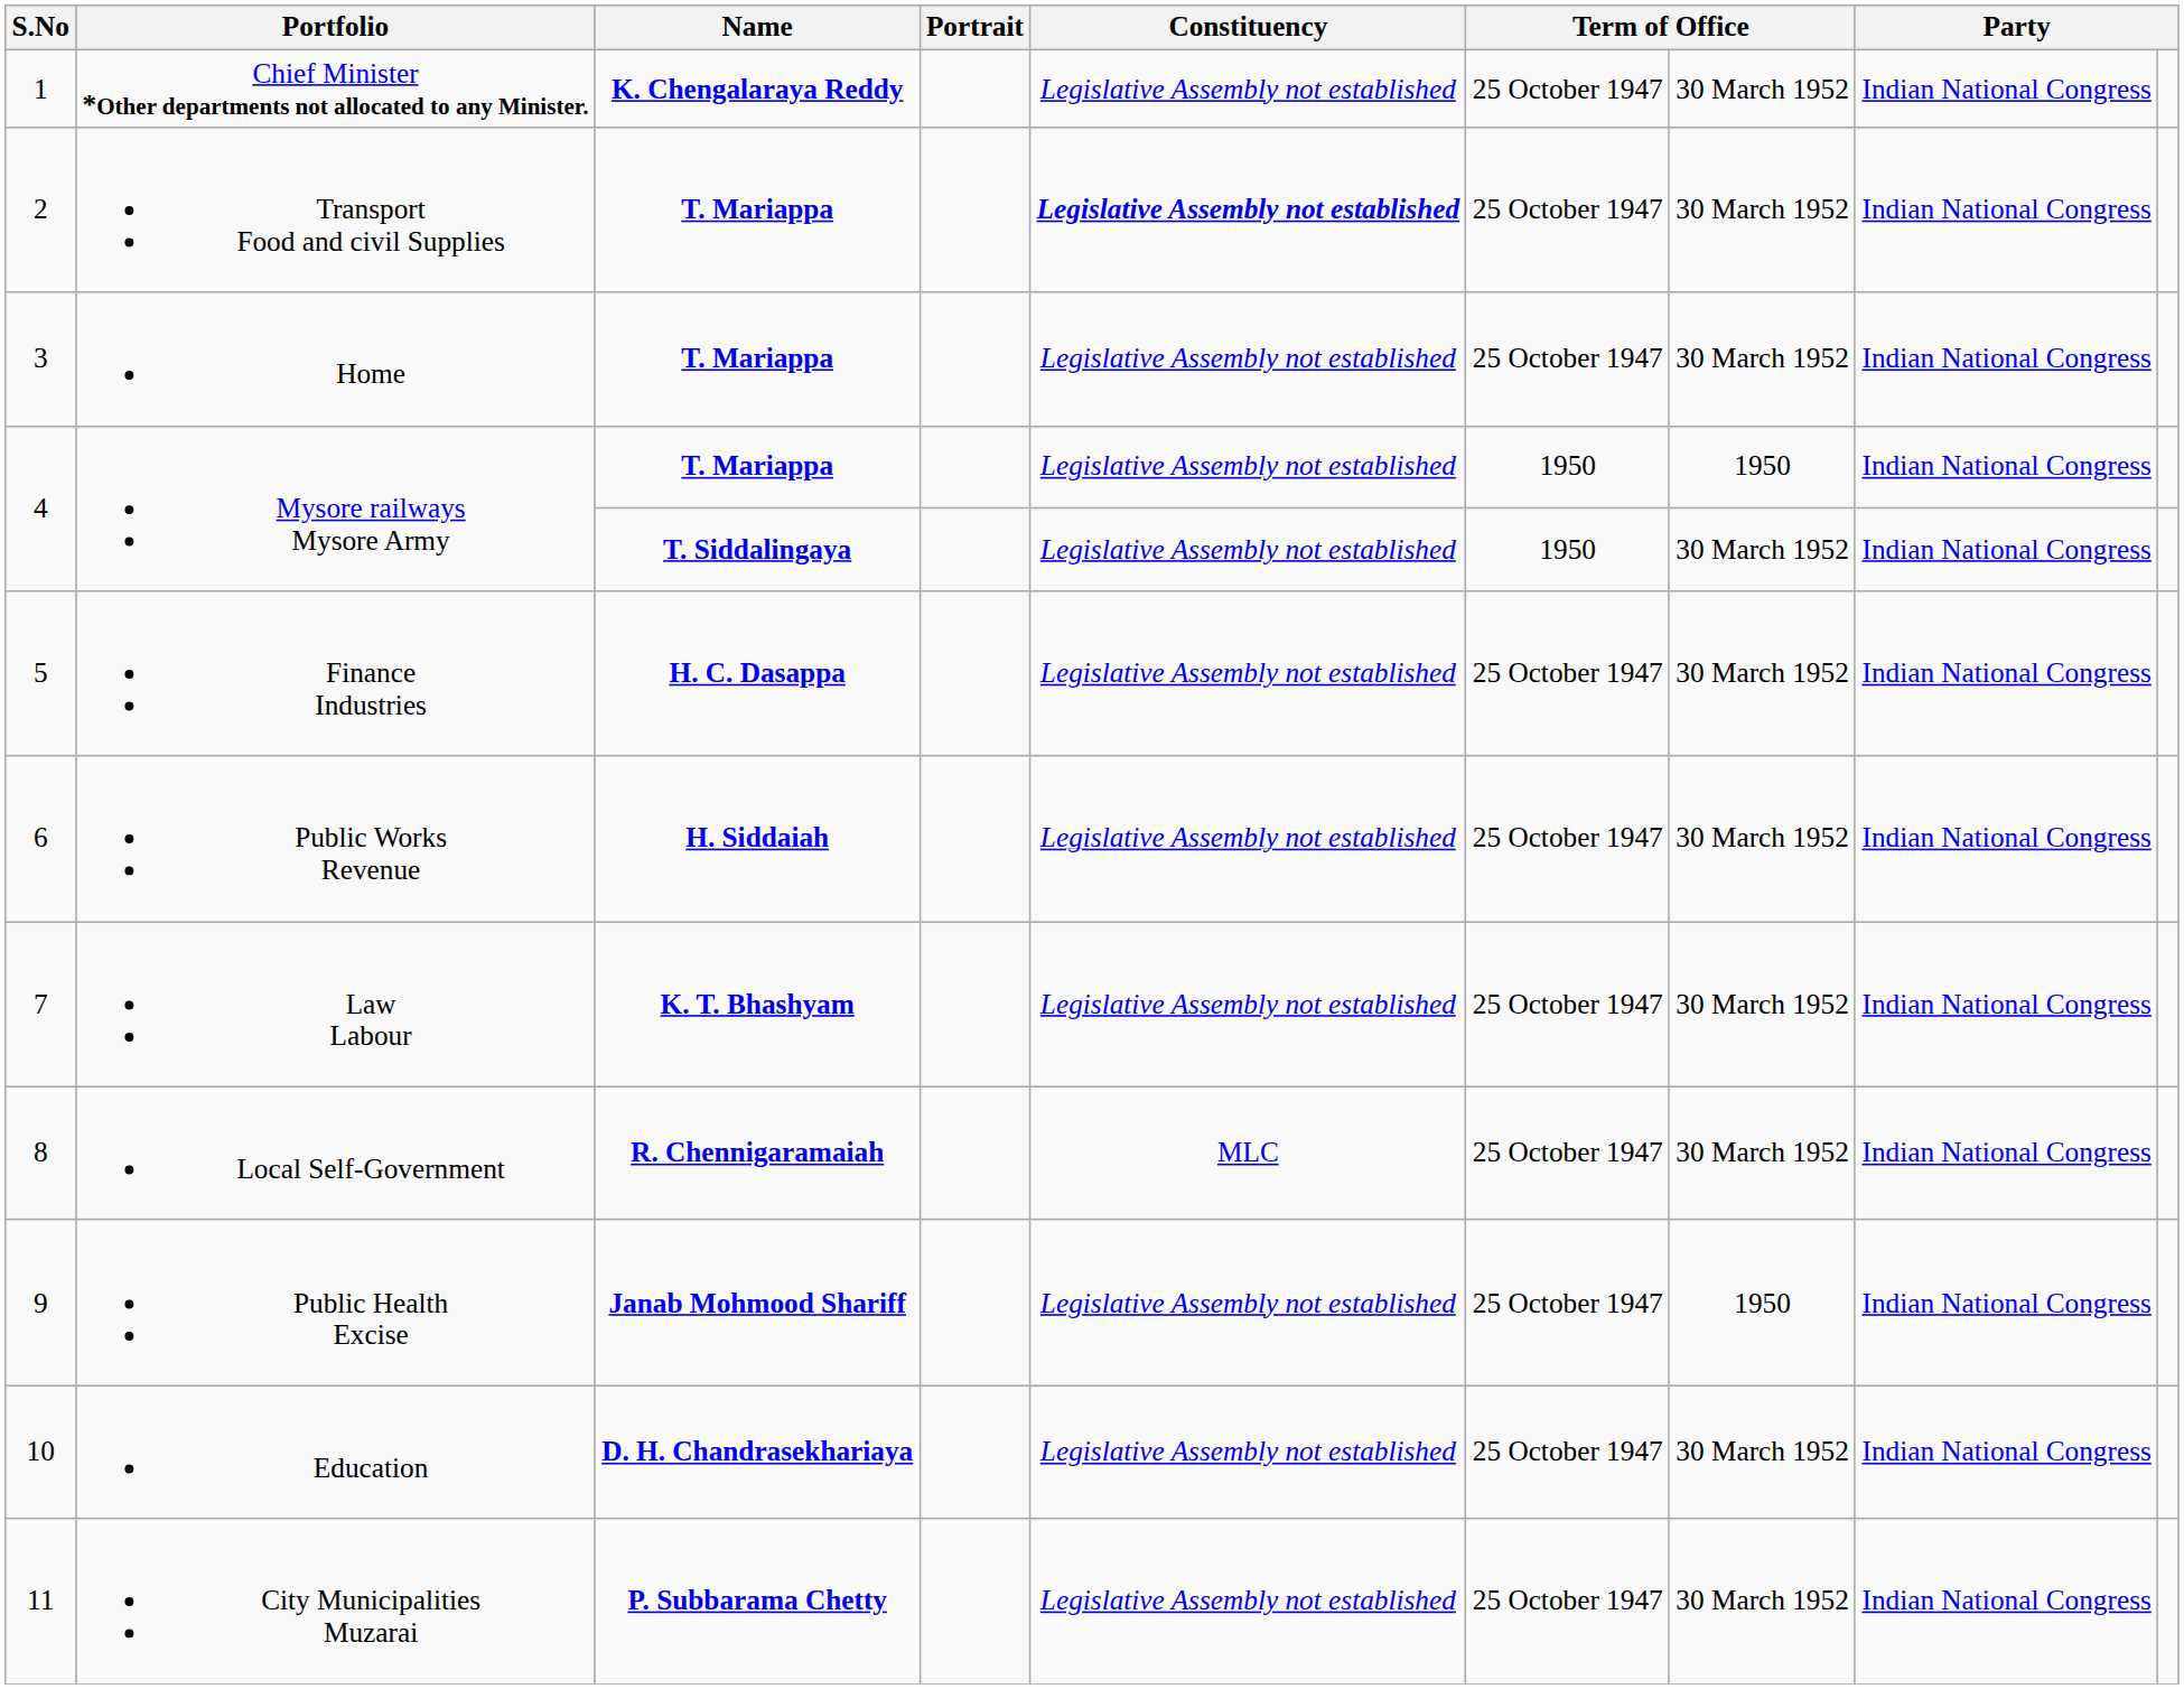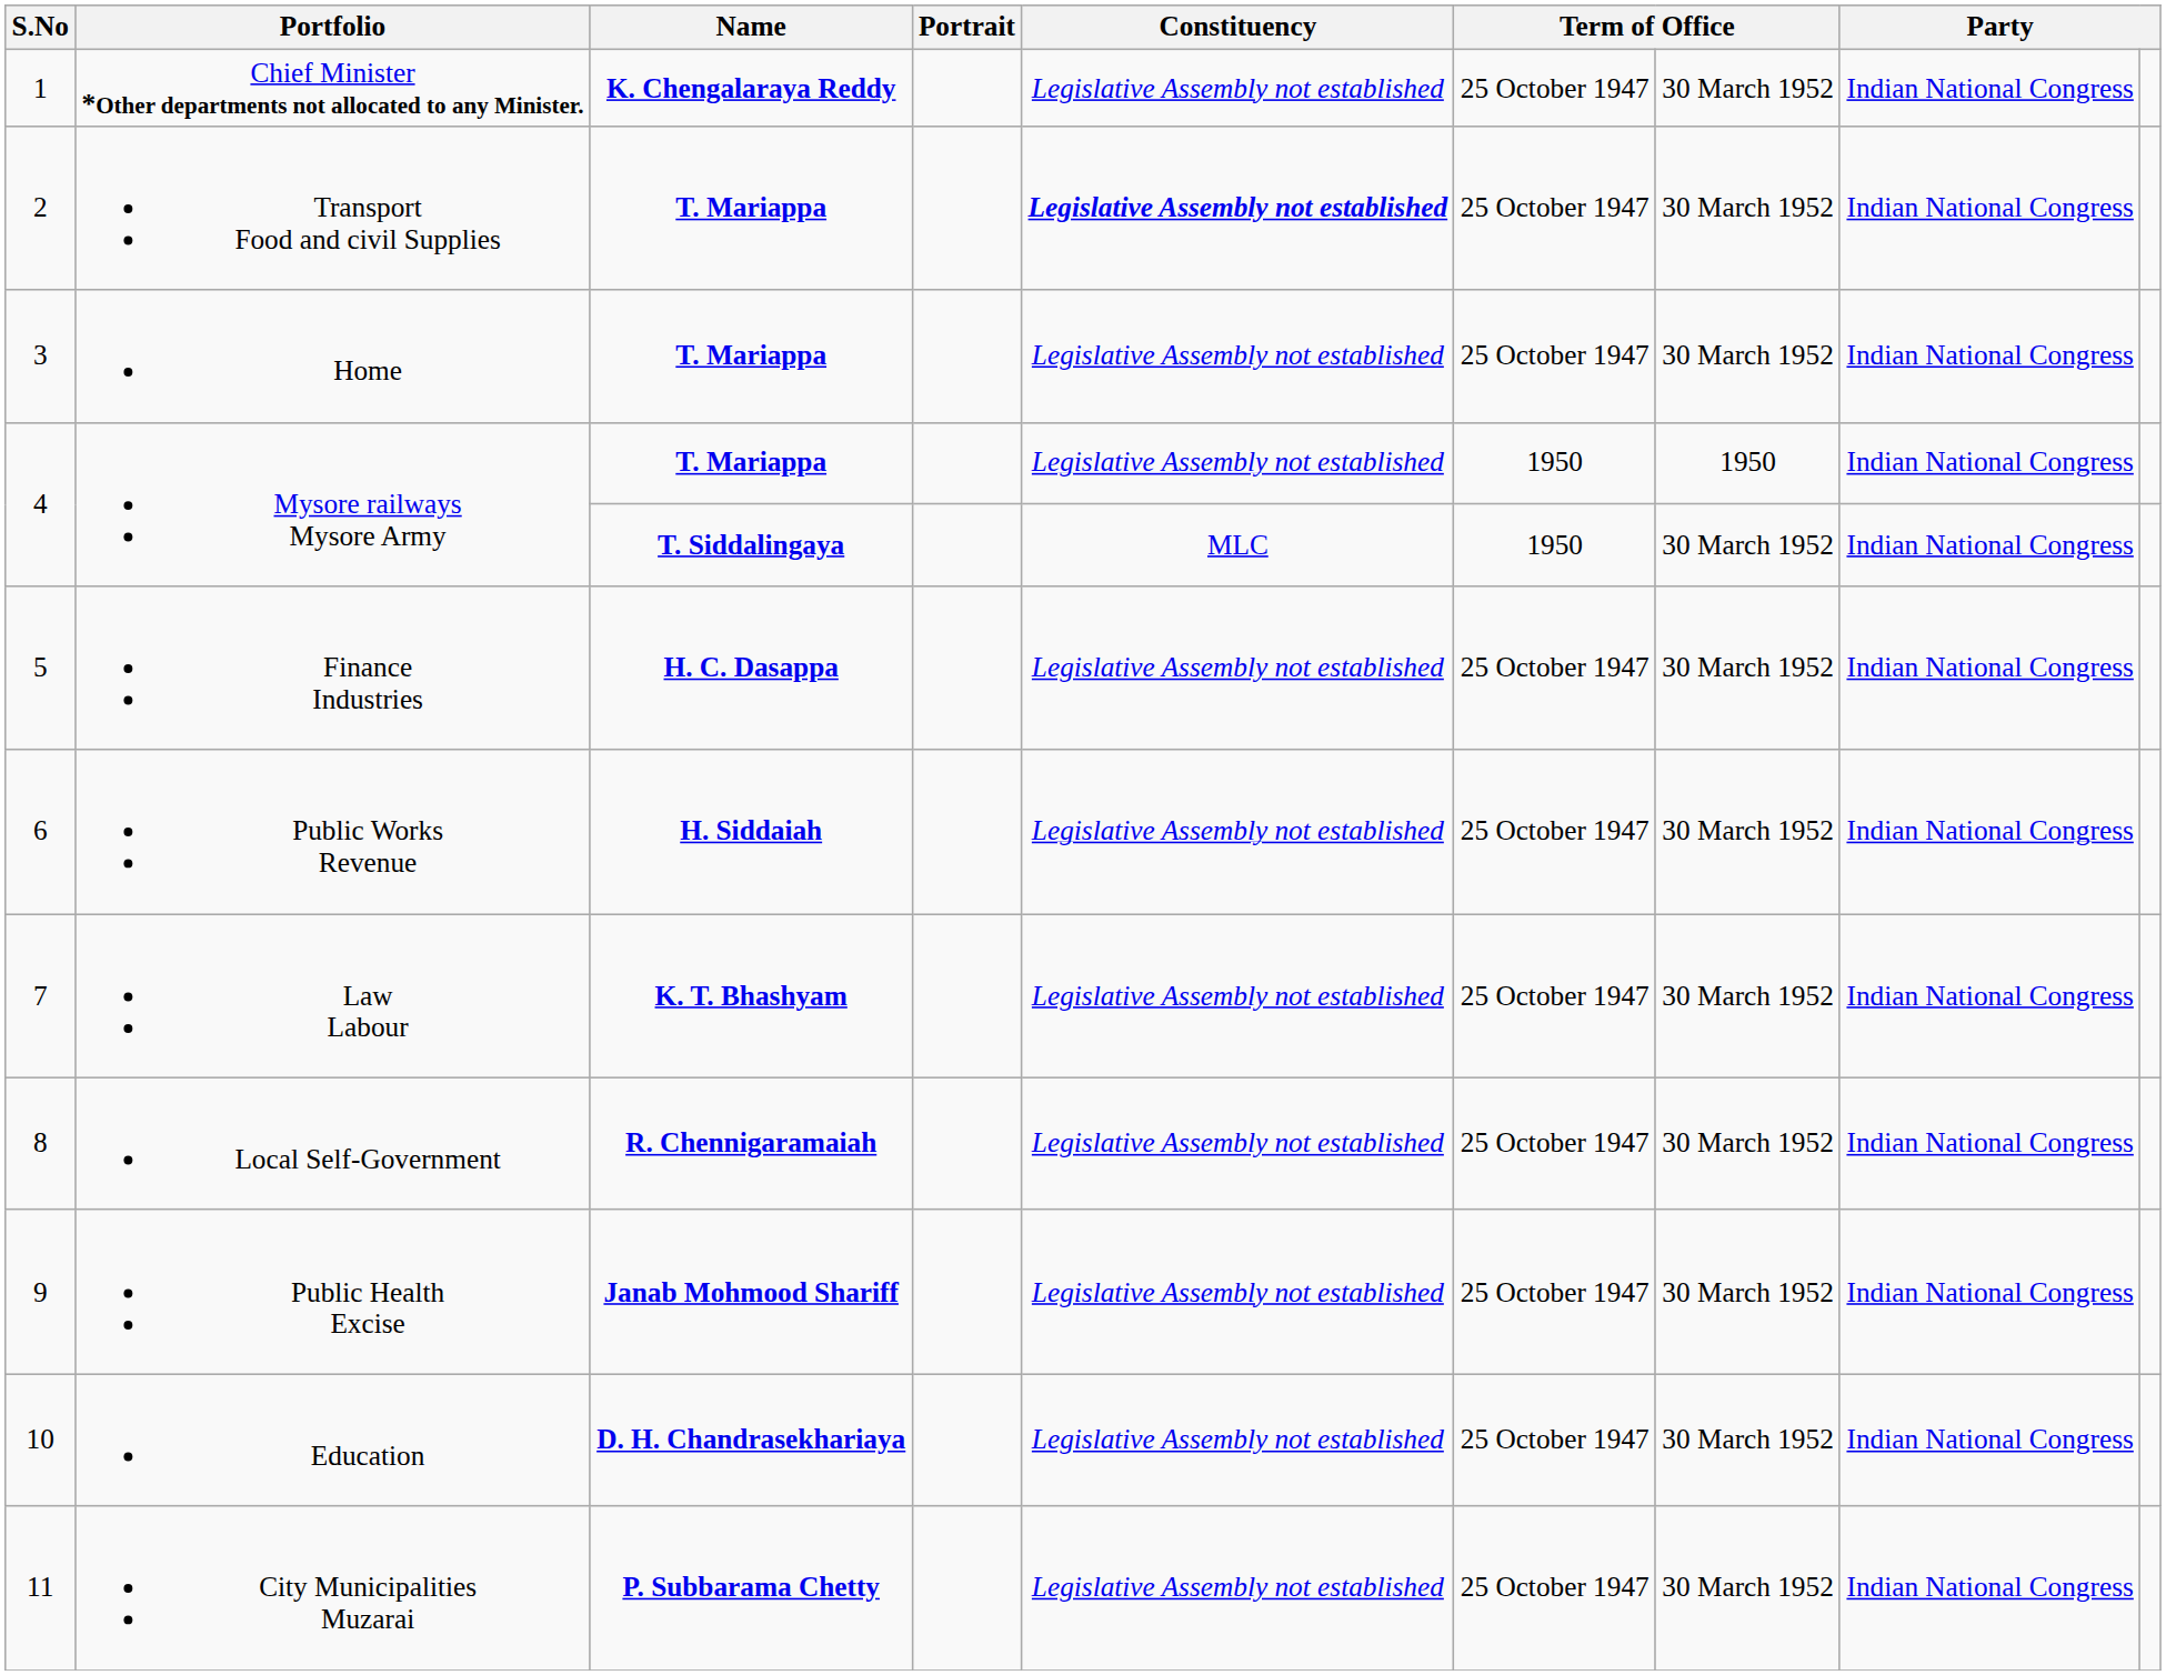 <table class="wikitable sortable" style="text-align:center;">
 <tr>
 <th>S.No</th>
 <th>Portfolio</th>
 <th>Name</th>
 <th>Portrait</th>
 <th>Constituency</th>
 <th colspan="2">Term of Office</th>
 <th colspan="2" scope="col">Party</th>
 </tr>
 <tr>
 <td>1</td>
 <td><a href='#'>Chief Minister</a><br><strong>*<small>Other departments not allocated to any Minister.</small></strong></td>
 <td><strong><a href='#'>K. Chengalaraya Reddy</a></strong><br></td>
 <td></td>
 <td><em><a href='#'>Legislative Assembly not established</a></em></td>
 <td>25 October 1947</td>
 <td>30 March 1952</td>
 <td><a href='#'>Indian National Congress</a></td>
 <td width="4px" style="background-color: "></td>
 </tr>
 <tr>
 <td>2</td>
 <td><br><ul><li>Transport</li><li>Food and civil Supplies</li></ul></td>
 <td><strong><a href='#'>T. Mariappa</a></strong></td>
 <td></td>
 <td><strong><em><a href='#'>Legislative Assembly not established</a></em></strong></td>
 <td>25 October 1947</td>
 <td>30 March 1952</td>
 <td><a href='#'>Indian National Congress</a></td>
 <td width="4px" style="background-color: "></td>
 </tr>
 <tr>
 <td>3</td>
 <td><br><ul><li>Home</li></ul></td>
 <td><strong><a href='#'>T. Mariappa</a></strong></td>
 <td></td>
 <td><em><a href='#'>Legislative Assembly not established</a></em></td>
 <td>25 October 1947</td>
 <td>30 March 1952</td>
 <td><a href='#'>Indian National Congress</a></td>
 <td width="4px" style="background-color: "></td>
 </tr>
 <tr>
 <td rowspan="2">4</td>
 <td rowspan="2"><br><ul><li><a href='#'>Mysore railways</a></li><li>Mysore Army</li></ul></td>
 <td><strong><a href='#'>T. Mariappa</a></strong></td>
 <td></td>
 <td><em><a href='#'>Legislative Assembly not established</a></em></td>
 <td>1950</td>
 <td>1950</td>
 <td><a href='#'>Indian National Congress</a></td>
 <td width="4px" style="background-color: "></td>
 </tr>
 <tr>
 <td><strong><a href='#'>T. Siddalingaya</a></strong></td>
 <td></td>
-<td><em><a href='#'>Legislative Assembly not established</a></em></td>
+<td><a href='#'>MLC</a></td>
 <td>1950</td>
 <td>30 March 1952</td>
 <td><a href='#'>Indian National Congress</a></td>
 <td width="4px" style="background-color: "></td>
 </tr>
 <tr style="text-align:center">
 <td>5</td>
 <td><br><ul><li>Finance</li><li>Industries</li></ul></td>
 <td><strong><a href='#'>H. C. Dasappa</a></strong></td>
 <td></td>
 <td><em><a href='#'>Legislative Assembly not established</a></em></td>
 <td>25 October 1947</td>
 <td>30 March 1952</td>
 <td><a href='#'>Indian National Congress</a></td>
 <td width="4px" style="background-color: "></td>
 </tr>
 <tr>
 <td>6</td>
 <td><br><ul><li>Public Works</li><li>Revenue</li></ul></td>
 <td><strong><a href='#'>H. Siddaiah</a></strong></td>
 <td></td>
 <td><em><a href='#'>Legislative Assembly not established</a></em></td>
 <td>25 October 1947</td>
 <td>30 March 1952</td>
 <td><a href='#'>Indian National Congress</a></td>
 <td width="4px" style="background-color: "></td>
 </tr>
 <tr>
 <td>7</td>
 <td><br><ul><li>Law</li><li>Labour</li></ul></td>
 <td><strong><a href='#'>K. T. Bhashyam</a></strong></td>
 <td></td>
 <td><em><a href='#'>Legislative Assembly not established</a></em></td>
 <td>25 October 1947</td>
 <td>30 March 1952</td>
 <td><a href='#'>Indian National Congress</a></td>
 <td width="4px" style="background-color: "></td>
 </tr>
 <tr>
 <td>8</td>
 <td><br><ul><li>Local Self-Government</li></ul></td>
 <td><strong><a href='#'>R. Chennigaramaiah</a></strong></td>
 <td></td>
-<td><a href='#'>MLC</a></td>
+<td><em><a href='#'>Legislative Assembly not established</a></em></td>
 <td>25 October 1947</td>
 <td>30 March 1952</td>
 <td><a href='#'>Indian National Congress</a></td>
 <td width="4px" style="background-color: "></td>
 </tr>
 <tr>
 <td>9</td>
 <td><br><ul><li>Public Health</li><li>Excise</li></ul></td>
 <td><strong><a href='#'>Janab Mohmood Shariff</a></strong></td>
 <td></td>
 <td><em><a href='#'>Legislative Assembly not established</a></em></td>
 <td>25 October 1947</td>
-<td>1950</td>
+<td>30 March 1952</td>
 <td><a href='#'>Indian National Congress</a></td>
 <td width="4px" style="background-color: "></td>
 </tr>
 <tr>
 <td>10</td>
 <td><br><ul><li>Education</li></ul></td>
 <td><strong><a href='#'>D. H. Chandrasekhariaya</a></strong></td>
 <td></td>
 <td><em><a href='#'>Legislative Assembly not established</a></em></td>
 <td>25 October 1947</td>
 <td>30 March 1952</td>
 <td><a href='#'>Indian National Congress</a></td>
 <td width="4px" style="background-color: "></td>
 </tr>
 <tr>
 <td>11</td>
 <td><br><ul><li>City Municipalities</li><li>Muzarai</li></ul></td>
 <td><strong><a href='#'>P. Subbarama Chetty</a></strong></td>
 <td></td>
 <td><em><a href='#'>Legislative Assembly not established</a></em></td>
 <td>25 October 1947</td>
 <td>30 March 1952</td>
 <td><a href='#'>Indian National Congress</a></td>
 <td width="4px" style="background-color: "></td>
 </tr>
 <tr style="text-align:center">
 </tr>
 </table>
